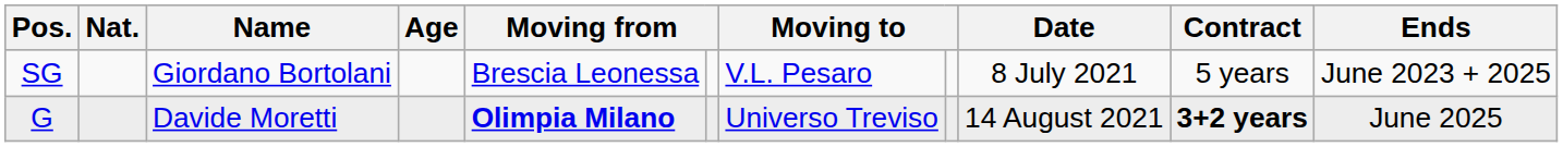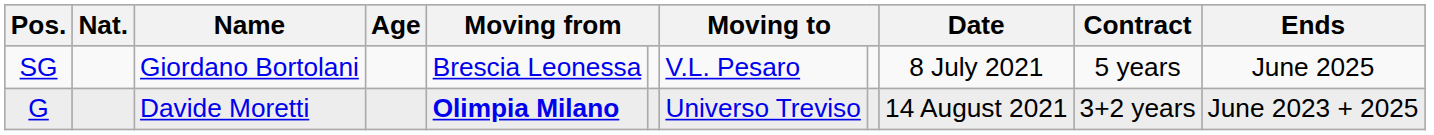 <table class="wikitable sortable">
 <tr>
 <th>Pos.</th>
 <th>Nat.</th>
 <th>Name</th>
 <th>Age</th>
 <th colspan=2>Moving from</th>
 <th colspan=2>Moving to</th>
 <th>Date</th>
 <th>Contract</th>
 <th>Ends</th>
 </tr>
 <tr>
 <td style="text-align: center;"><a href='#'>SG</a></td>
 <td style="text-align: center;"></td>
 <td><a href='#'>Giordano Bortolani</a></td>
 <td style="text-align: center;"></td>
 <td><a href='#'>Brescia Leonessa</a></td>
 <td style="text-align: center;"></td>
 <td><a href='#'>V.L. Pesaro</a></td>
 <td style="text-align: center;"></td>
 <td style="text-align: center;">8 July 2021</td>
 <td style="text-align: center;">5 years</td>
-<td style="text-align: center;">June 2023 + 2025</td>
+<td style="text-align: center;">June 2025</td>
 </tr>
 <tr style="background-color: #ededed;">
 <td style="text-align: center;"><a href='#'>G</a></td>
 <td style="text-align: center;"></td>
 <td><a href='#'>Davide Moretti</a></td>
 <td style="text-align: center;"></td>
 <td><strong><a href='#'>Olimpia Milano</a></strong></td>
 <td style="text-align: center;"></td>
 <td><a href='#'>Universo Treviso</a></td>
 <td style="text-align: center;"></td>
 <td style="text-align: center;">14 August 2021</td>
-<td style="text-align: center;"><strong>3+2 years</strong></td>
-<td style="text-align: center;">June 2025</td>
+<td style="text-align: center;">3+2 years</td>
+<td style="text-align: center;">June 2023 + 2025</td>
 </tr>
 </table>
